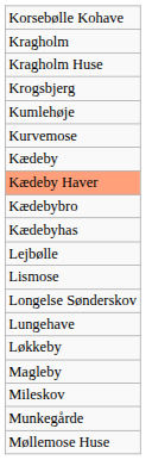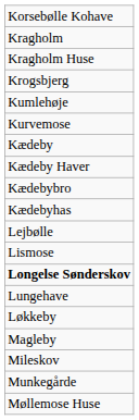 <table class="wikitable" style="float:left; margin-right:1em">
 <tr>
 <td>Korsebølle Kohave</td>
 </tr>
 <tr>
 <td>Kragholm</td>
 </tr>
 <tr>
 <td>Kragholm Huse</td>
 </tr>
 <tr>
 <td>Krogsbjerg</td>
 </tr>
 <tr>
 <td>Kumlehøje</td>
 </tr>
 <tr>
 <td>Kurvemose</td>
 </tr>
 <tr>
 <td>Kædeby</td>
 </tr>
 <tr>
-<td style="background: lightsalmon;">Kædeby Haver</td>
+<td>Kædeby Haver</td>
 </tr>
 <tr>
 <td>Kædebybro</td>
 </tr>
 <tr>
 <td>Kædebyhas</td>
 </tr>
 <tr>
 <td>Lejbølle</td>
 </tr>
 <tr>
 <td>Lismose</td>
 </tr>
 <tr>
-<td>Longelse Sønderskov</td>
+<td><strong>Longelse Sønderskov</strong></td>
 </tr>
 <tr>
 <td>Lungehave</td>
 </tr>
 <tr>
 <td>Løkkeby</td>
 </tr>
 <tr>
 <td>Magleby</td>
 </tr>
 <tr>
 <td>Mileskov</td>
 </tr>
 <tr>
 <td>Munkegårde</td>
 </tr>
 <tr>
 <td>Møllemose Huse</td>
 </tr>
 </table>
